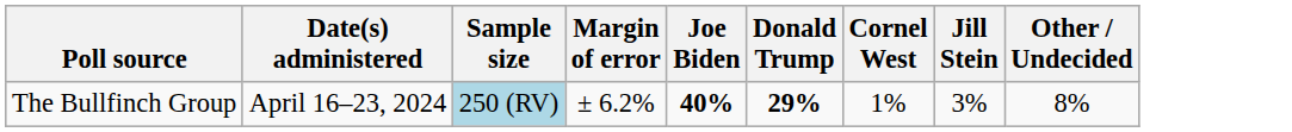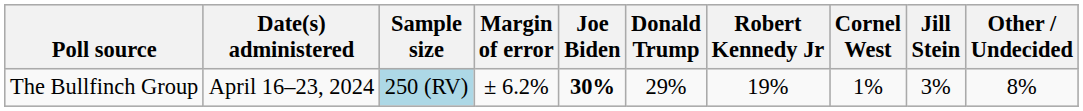 <table class="wikitable sortable mw-datatable" style="font-size:90%;text-align:center;line-height:17px">
 <tr valign=bottom>
 <th>Poll source</th>
 <th>Date(s)<br>administered</th>
 <th>Sample<br>size</th>
 <th>Margin<br>of error</th>
 <th class="unsortable">Joe<br>Biden<br></th>
 <th class="unsortable">Donald<br>Trump<br></th>
+<th class="unsortable">Robert<br>Kennedy Jr<br></th>
 <th class="unsortable">Cornel<br>West<br></th>
 <th class="unsortable">Jill<br>Stein<br></th>
 <th class="unsortable">Other /<br>Undecided</th>
 </tr>
 <tr>
 <td style="text-align:left;">The Bullfinch Group</td>
 <td>April 16–23, 2024</td>
 <td style="background: lightblue;">250 (RV)</td>
 <td>± 6.2%</td>
-<td style="color:black;background-color:"><strong>40%</strong></td>
-<td><strong>29%</strong></td>
+<td style="color:black;background-color:"><strong>30%</strong></td>
+<td>29%</td>
+<td>19%</td>
 <td>1%</td>
 <td>3%</td>
 <td>8%</td>
 </tr>
 </table>
